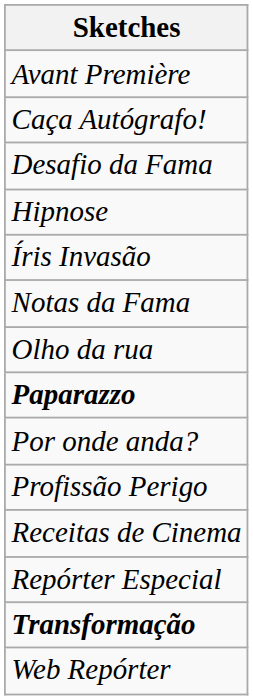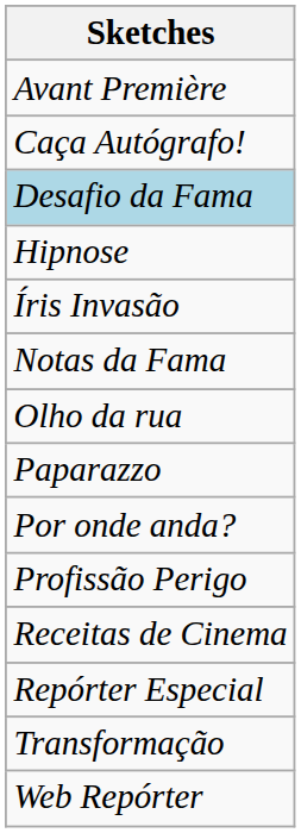 <table class="wikitable">
 <tr>
 <th>Sketches</th>
 </tr>
 <tr>
 <td><em>Avant Première</em></td>
 </tr>
 <tr>
 <td><em>Caça Autógrafo!</em></td>
 </tr>
 <tr>
-<td><em>Desafio da Fama</em></td>
+<td style="background: lightblue;"><em>Desafio da Fama</em></td>
 </tr>
 <tr>
 <td><em>Hipnose</em></td>
 </tr>
 <tr>
 <td><em>Íris Invasão</em></td>
 </tr>
 <tr>
 <td><em>Notas da Fama</em></td>
 </tr>
 <tr>
 <td><em>Olho da rua</em></td>
 </tr>
 <tr>
-<td><strong><em>Paparazzo</em></strong></td>
+<td><em>Paparazzo</em></td>
 </tr>
 <tr>
 <td><em>Por onde anda?</em></td>
 </tr>
 <tr>
 <td><em>Profissão Perigo</em></td>
 </tr>
 <tr>
 <td><em>Receitas de Cinema</em></td>
 </tr>
 <tr>
 <td><em>Repórter Especial</em></td>
 </tr>
 <tr>
-<td><strong><em>Transformação</em></strong></td>
+<td><em>Transformação</em></td>
 </tr>
 <tr>
 <td><em>Web Repórter</em></td>
 </tr>
 </table>
